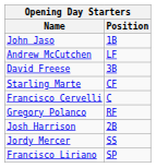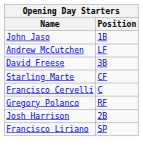 <table class="wikitable" style="text-align:left">
 <tr>
 <th colspan="2">Opening Day Starters</th>
 </tr>
 <tr>
 <th>Name</th>
 <th>Position</th>
 </tr>
 <tr>
 <td><a href='#'>John Jaso</a></td>
 <td><a href='#'>1B</a></td>
 </tr>
 <tr>
 <td><a href='#'>Andrew McCutchen</a></td>
 <td><a href='#'>LF</a></td>
 </tr>
 <tr>
 <td><a href='#'>David Freese</a></td>
 <td><a href='#'>3B</a></td>
 </tr>
 <tr>
 <td><a href='#'>Starling Marte</a></td>
 <td><a href='#'>CF</a></td>
 </tr>
 <tr>
 <td><a href='#'>Francisco Cervelli</a></td>
 <td><a href='#'>C</a></td>
 </tr>
 <tr>
 <td><a href='#'>Gregory Polanco</a></td>
 <td><a href='#'>RF</a></td>
 </tr>
 <tr>
 <td><a href='#'>Josh Harrison</a></td>
 <td><a href='#'>2B</a></td>
 </tr>
 <tr>
-<td><a href='#'>Jordy Mercer</a></td>
-<td><a href='#'>SS</a></td>
-</tr>
-<tr>
 <td><a href='#'>Francisco Liriano</a></td>
 <td><a href='#'>SP</a></td>
 </tr>
 </table>
